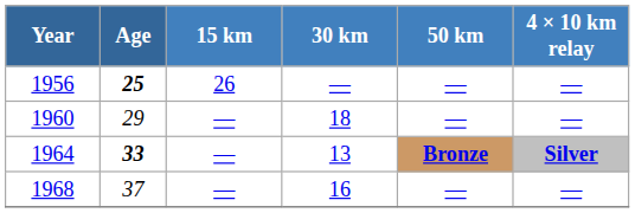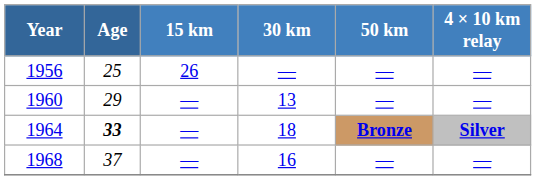 <table class="wikitable" style="font-size:95%; text-align:center; border:grey solid 1px; border-collapse:collapse; background:#ffffff;">
 <tr>
 <th style="background-color:#369; color:white; width:60px;"> Year </th>
 <th style="background-color:#369; color:white; width:40px;"> Age </th>
 <th style="background-color:#4180be; color:white; width:75px;"> 15 km </th>
 <th style="background-color:#4180be; color:white; width:75px;"> 30 km </th>
 <th style="background-color:#4180be; color:white; width:75px;"> 50 km </th>
 <th style="background-color:#4180be; color:white; width:75px;"> 4 × 10 km <br> relay </th>
 </tr>
 <tr>
 <td><a href='#'>1956</a></td>
-<td><strong><em>25</em></strong></td>
+<td><em>25</em></td>
 <td><a href='#'>26</a></td>
 <td><a href='#'>—</a></td>
 <td><a href='#'>—</a></td>
 <td><a href='#'>—</a></td>
 </tr>
 <tr>
 <td><a href='#'>1960</a></td>
 <td><em>29</em></td>
 <td><a href='#'>—</a></td>
-<td><a href='#'>18</a></td>
+<td><a href='#'>13</a></td>
 <td><a href='#'>—</a></td>
 <td><a href='#'>—</a></td>
 </tr>
 <tr>
 <td><a href='#'>1964</a></td>
 <td><strong><em>33</em></strong></td>
 <td><a href='#'>—</a></td>
-<td><a href='#'>13</a></td>
+<td><a href='#'>18</a></td>
 <td bgcolor="cc9966"><a href='#'><strong>Bronze</strong></a></td>
 <td style="background:silver;"><a href='#'><strong>Silver</strong></a></td>
 </tr>
 <tr>
 <td><a href='#'>1968</a></td>
 <td><em>37</em></td>
 <td><a href='#'>—</a></td>
 <td><a href='#'>16</a></td>
 <td><a href='#'>—</a></td>
 <td><a href='#'>—</a></td>
 </tr>
 <tr>
 </tr>
 </table>
